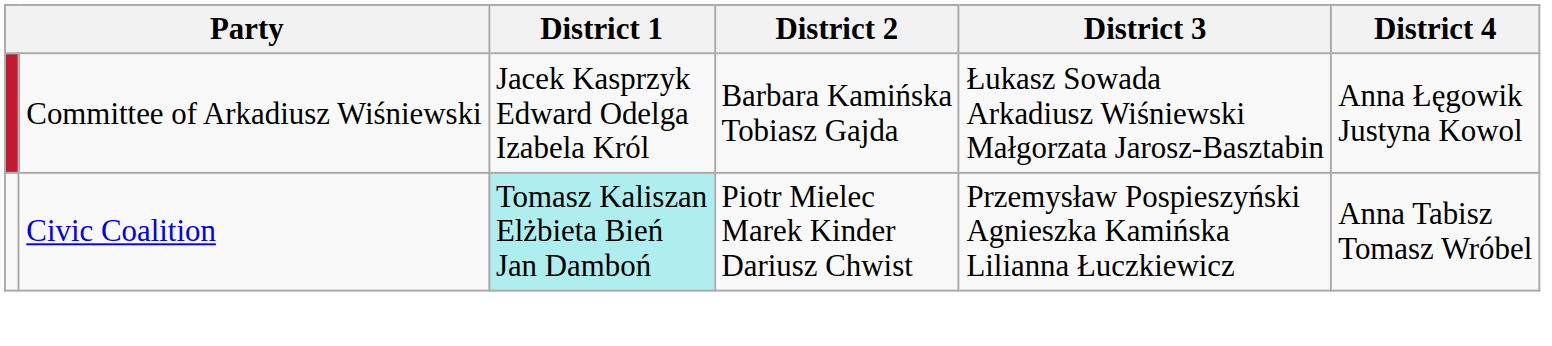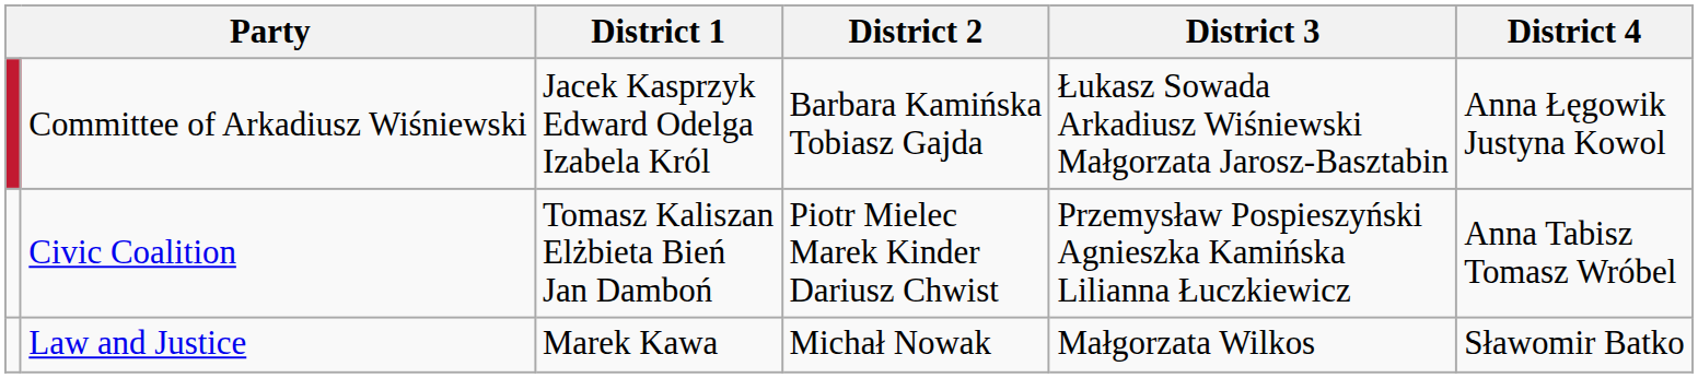 <table class="wikitable">
 <tr>
 <th colspan=2>Party</th>
 <th>District 1</th>
 <th>District 2</th>
 <th>District 3</th>
 <th>District 4</th>
 </tr>
 <tr>
 <td style="background:#C21931"></td>
 <td>Committee of Arkadiusz Wiśniewski</td>
 <td>Jacek Kasprzyk<br>Edward Odelga<br>Izabela Król</td>
 <td>Barbara Kamińska<br>Tobiasz Gajda</td>
 <td>Łukasz Sowada<br>Arkadiusz Wiśniewski<br>Małgorzata Jarosz-Basztabin</td>
 <td>Anna Łęgowik<br>Justyna Kowol</td>
 </tr>
 <tr>
 <td style="background:"></td>
 <td><a href='#'>Civic Coalition</a></td>
-<td style="background: paleturquoise;">Tomasz Kaliszan<br>Elżbieta Bień<br>Jan Damboń</td>
+<td>Tomasz Kaliszan<br>Elżbieta Bień<br>Jan Damboń</td>
 <td>Piotr Mielec<br>Marek Kinder<br>Dariusz Chwist</td>
 <td>Przemysław Pospieszyński<br>Agnieszka Kamińska<br>Lilianna Łuczkiewicz</td>
 <td>Anna Tabisz<br>Tomasz Wróbel</td>
 </tr>
+<tr>
+<td style="background:"></td>
+<td><a href='#'>Law and Justice</a></td>
+<td>Marek Kawa</td>
+<td>Michał Nowak</td>
+<td>Małgorzata Wilkos</td>
+<td>Sławomir Batko</td>
+</tr>
 </table>
